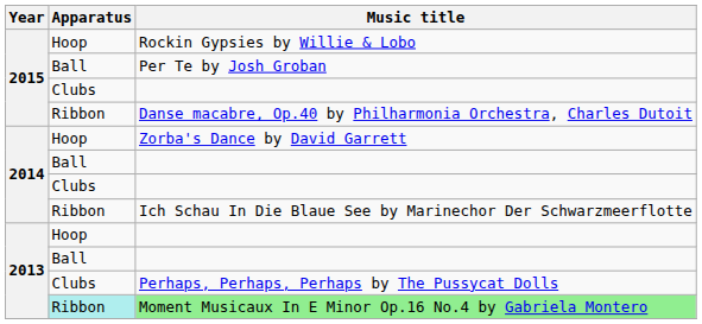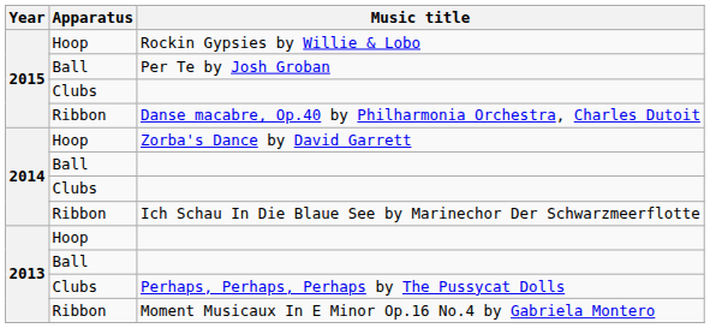 <table class="wikitable plainrowheaders">
 <tr>
 <th scope=col>Year</th>
 <th scope=col>Apparatus</th>
 <th scope=col>Music title </th>
 </tr>
 <tr>
 <th scope=row rowspan=4>2015</th>
 <td>Hoop</td>
 <td>Rockin Gypsies by <a href='#'>Willie & Lobo</a></td>
 </tr>
 <tr>
 <td>Ball</td>
 <td>Per Te by <a href='#'>Josh Groban</a></td>
 </tr>
 <tr>
 <td>Clubs</td>
 <td></td>
 </tr>
 <tr>
 <td>Ribbon</td>
 <td><a href='#'>Danse macabre, Op.40</a> by <a href='#'>Philharmonia Orchestra</a>, <a href='#'>Charles Dutoit</a></td>
 </tr>
 <tr>
 <th scope=row rowspan=4>2014</th>
 <td>Hoop</td>
 <td><a href='#'>Zorba's Dance</a> by <a href='#'>David Garrett</a></td>
 </tr>
 <tr>
 <td>Ball</td>
 <td></td>
 </tr>
 <tr>
 <td>Clubs</td>
 <td></td>
 </tr>
 <tr>
 <td>Ribbon</td>
 <td>Ich Schau In Die Blaue See by Marinechor Der Schwarzmeerflotte</td>
 </tr>
 <tr>
 <th scope=row rowspan=4>2013</th>
 <td>Hoop</td>
 <td></td>
 </tr>
 <tr>
 <td>Ball</td>
 <td></td>
 </tr>
 <tr>
 <td>Clubs</td>
 <td><a href='#'>Perhaps, Perhaps, Perhaps</a> by <a href='#'>The Pussycat Dolls</a></td>
 </tr>
 <tr>
-<td style="background: paleturquoise;">Ribbon</td>
-<td style="background: lightgreen;">Moment Musicaux In E Minor Op.16 No.4 	by <a href='#'>Gabriela Montero</a></td>
+<td>Ribbon</td>
+<td>Moment Musicaux In E Minor Op.16 No.4 	by <a href='#'>Gabriela Montero</a></td>
 </tr>
 <tr>
 </tr>
 </table>
